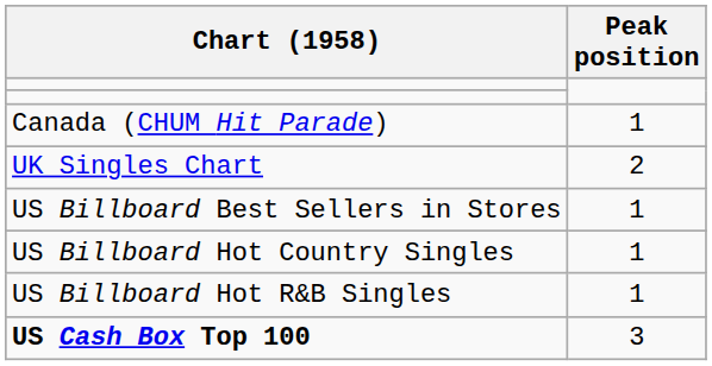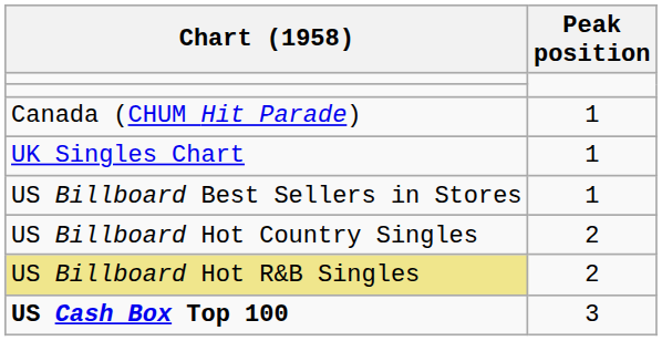 <table class="wikitable sortable">
 <tr>
 <th>Chart (1958)</th>
 <th>Peak<br>position</th>
 </tr>
 <tr>
 <td></td>
 </tr>
 <tr>
 <td></td>
 </tr>
 <tr>
 <td>Canada (<a href='#'>CHUM <em>Hit Parade</em></a>)</td>
 <td align="center">1</td>
 </tr>
 <tr>
 <td><a href='#'>UK Singles Chart</a></td>
-<td align="center">2</td>
+<td align="center">1</td>
 </tr>
 <tr>
 <td>US <em>Billboard</em> Best Sellers in Stores</td>
 <td align="center">1</td>
 </tr>
 <tr>
 <td>US <em>Billboard</em> Hot Country Singles</td>
-<td align="center">1</td>
+<td align="center">2</td>
 </tr>
 <tr>
-<td>US <em>Billboard</em> Hot R&B Singles</td>
-<td align="center">1</td>
+<td style="background: khaki;">US <em>Billboard</em> Hot R&B Singles</td>
+<td align="center">2</td>
 </tr>
 <tr>
 <td><strong>US <em><a href='#'>Cash Box</a></em> Top 100</strong></td>
 <td align="center">3</td>
 </tr>
 </table>
